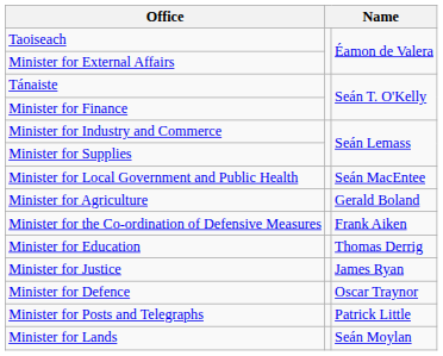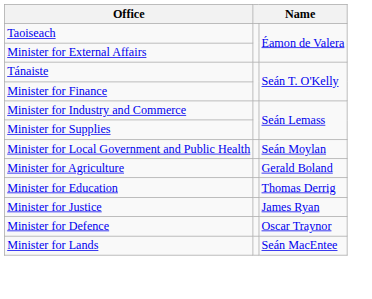 <table class="wikitable">
 <tr>
 <th>Office</th>
 <th colspan="2">Name</th>
 </tr>
 <tr>
 <td><a href='#'>Taoiseach</a></td>
 <td rowspan=2 style="background-color: "></td>
 <td rowspan=2><a href='#'>Éamon de Valera</a></td>
 </tr>
 <tr>
 <td><a href='#'>Minister for External Affairs</a></td>
 </tr>
 <tr>
 <td><a href='#'>Tánaiste</a></td>
 <td rowspan=2 style="background-color: "></td>
 <td rowspan=2><a href='#'>Seán T. O'Kelly</a></td>
 </tr>
 <tr>
 <td><a href='#'>Minister for Finance</a></td>
 </tr>
 <tr>
 <td><a href='#'>Minister for Industry and Commerce</a></td>
 <td rowspan=2 style="background-color: "></td>
 <td rowspan=2><a href='#'>Seán Lemass</a></td>
 </tr>
 <tr>
 <td><a href='#'>Minister for Supplies</a></td>
 </tr>
 <tr>
 <td><a href='#'>Minister for Local Government and Public Health</a></td>
 <td style="background-color: "></td>
-<td><a href='#'>Seán MacEntee</a></td>
+<td><a href='#'>Seán Moylan</a></td>
 </tr>
 <tr>
 <td><a href='#'>Minister for Agriculture</a></td>
 <td style="background-color: "></td>
 <td><a href='#'>Gerald Boland</a></td>
-</tr>
-<tr>
-<td><a href='#'>Minister for the Co-ordination of Defensive Measures</a></td>
-<td style="background-color: "></td>
-<td><a href='#'>Frank Aiken</a></td>
 </tr>
 <tr>
 <td><a href='#'>Minister for Education</a></td>
 <td style="background-color: "></td>
 <td><a href='#'>Thomas Derrig</a></td>
 </tr>
 <tr>
 <td><a href='#'>Minister for Justice</a></td>
 <td style="background-color: "></td>
 <td><a href='#'>James Ryan</a></td>
 </tr>
 <tr>
 <td><a href='#'>Minister for Defence</a></td>
 <td style="background-color: "></td>
 <td><a href='#'>Oscar Traynor</a></td>
 </tr>
 <tr>
-<td><a href='#'>Minister for Posts and Telegraphs</a></td>
-<td style="background-color: "></td>
-<td><a href='#'>Patrick Little</a></td>
-</tr>
-<tr>
 <td><a href='#'>Minister for Lands</a></td>
 <td style="background-color: "></td>
-<td><a href='#'>Seán Moylan</a></td>
+<td><a href='#'>Seán MacEntee</a></td>
 </tr>
 </table>
